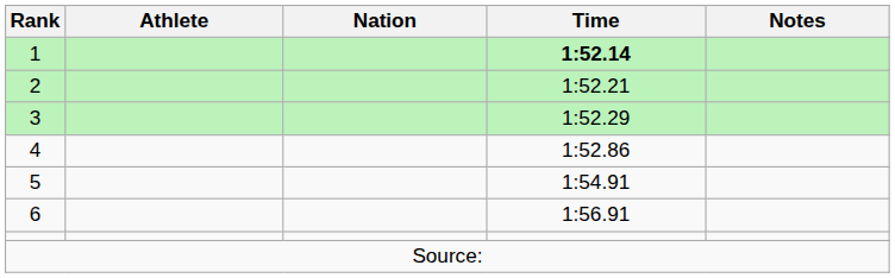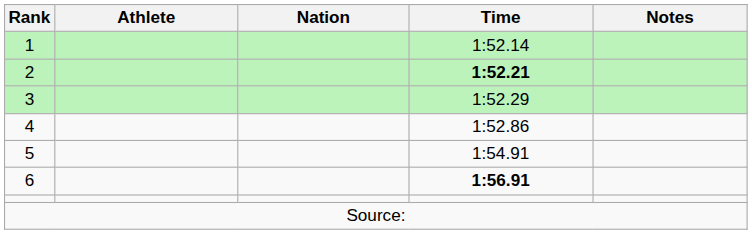 <table class="wikitable sortable" style="text-align:center;width: 55%;">
 <tr>
 <th scope="col" style="width: 10px;">Rank</th>
 <th scope="col">Athlete</th>
 <th scope="col">Nation</th>
 <th scope="col">Time</th>
 <th scope="col">Notes</th>
 </tr>
 <tr bgcolor=bbf3bb>
 <td>1</td>
 <td align=left></td>
 <td align=left></td>
-<td><strong>1:52.14</strong></td>
+<td>1:52.14</td>
 <td></td>
 </tr>
 <tr bgcolor=bbf3bb>
 <td>2</td>
 <td align=left></td>
 <td align=left></td>
-<td>1:52.21</td>
+<td><strong>1:52.21</strong></td>
 <td></td>
 </tr>
 <tr bgcolor=bbf3bb>
 <td>3</td>
 <td align=left></td>
 <td align=left></td>
 <td>1:52.29</td>
 <td></td>
 </tr>
 <tr>
 <td>4</td>
 <td align=left></td>
 <td align=left></td>
 <td>1:52.86</td>
 <td></td>
 </tr>
 <tr>
 <td>5</td>
 <td align=left></td>
 <td align=left></td>
 <td>1:54.91</td>
 <td></td>
 </tr>
 <tr>
 <td>6</td>
 <td align=left></td>
 <td align=left></td>
-<td>1:56.91</td>
+<td><strong>1:56.91</strong></td>
 <td></td>
 </tr>
 <tr>
 <td></td>
 <td align=left></td>
 <td align=left></td>
 <td></td>
 <td></td>
 </tr>
 <tr class="sortbottom">
 <td colspan="5">Source:</td>
 </tr>
 </table>
